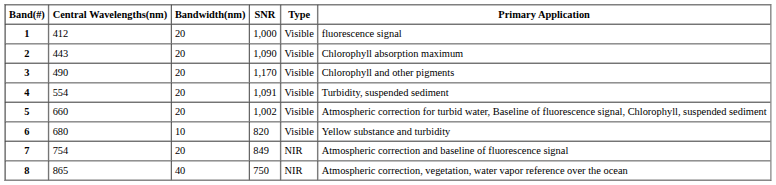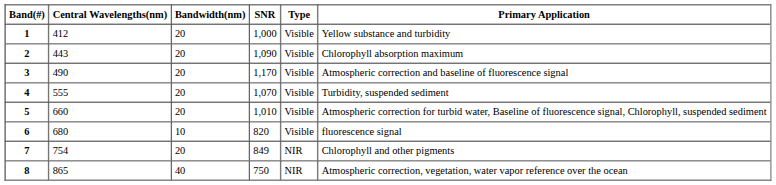 <table style="background:white;color:black" border="1" cellpadding="5" cellspacing="0" align="center">
 <tr>
 <th>Band(#)</th>
 <th>Central Wavelengths(nm)</th>
 <th>Bandwidth(nm)</th>
 <th>SNR</th>
 <th>Type</th>
 <th>Primary Application</th>
 </tr>
 <tr style="background:white; color:black">
 <th>1</th>
 <td>412</td>
 <td>20</td>
 <td>1,000</td>
 <td>Visible</td>
-<td>fluorescence signal</td>
+<td>Yellow substance and turbidity</td>
 </tr>
 <tr style="background:white; color:black">
 <th>2</th>
 <td>443</td>
 <td>20</td>
 <td>1,090</td>
 <td>Visible</td>
 <td>Chlorophyll absorption maximum</td>
 </tr>
 <tr style="background:white; color:black">
 <th>3</th>
 <td>490</td>
 <td>20</td>
 <td>1,170</td>
 <td>Visible</td>
-<td>Chlorophyll and other pigments</td>
+<td>Atmospheric correction and baseline of fluorescence signal</td>
 </tr>
 <tr style="background:white; color:black">
 <th>4</th>
-<td>554</td>
+<td>555</td>
 <td>20</td>
-<td>1,091</td>
+<td>1,070</td>
 <td>Visible</td>
 <td>Turbidity, suspended sediment</td>
 </tr>
 <tr style="background:white; color:black">
 <th>5</th>
 <td>660</td>
 <td>20</td>
-<td>1,002</td>
+<td>1,010</td>
 <td>Visible</td>
 <td>Atmospheric correction for turbid water, Baseline of fluorescence signal, Chlorophyll, suspended sediment</td>
 </tr>
 <tr style="background:white; color:black">
 <th>6</th>
 <td>680</td>
 <td>10</td>
 <td>820</td>
 <td>Visible</td>
-<td>Yellow substance and turbidity</td>
+<td>fluorescence signal</td>
 </tr>
 <tr style="background:white; color:black">
 <th>7</th>
 <td>754</td>
 <td>20</td>
 <td>849</td>
 <td>NIR</td>
-<td>Atmospheric correction and baseline of fluorescence signal</td>
+<td>Chlorophyll and other pigments</td>
 </tr>
 <tr style="background:white; color:black">
 <th>8</th>
 <td>865</td>
 <td>40</td>
 <td>750</td>
 <td>NIR</td>
 <td>Atmospheric correction, vegetation, water vapor reference over the ocean</td>
 </tr>
 </table>
